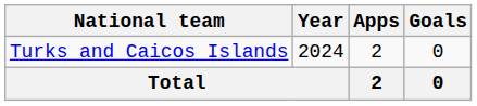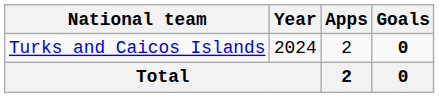 <table class="wikitable" style="text-align: center;">
 <tr>
 <th>National team</th>
 <th>Year</th>
 <th>Apps</th>
 <th>Goals</th>
 </tr>
 <tr>
 <td><a href='#'>Turks and Caicos Islands</a></td>
 <td>2024</td>
 <td>2</td>
-<td>0</td>
+<td><strong>0</strong></td>
 </tr>
 <tr>
 <th colspan="2">Total</th>
 <th>2</th>
 <th>0</th>
 </tr>
 </table>
